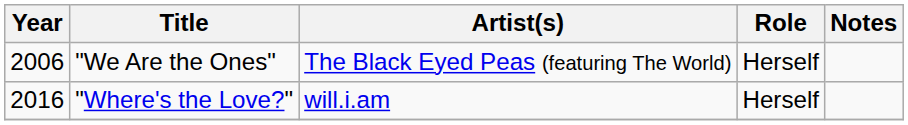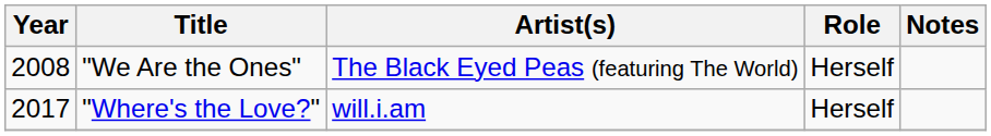 <table class="wikitable sortable">
 <tr>
 <th>Year</th>
 <th>Title</th>
 <th>Artist(s)</th>
 <th>Role</th>
 <th class="unsortable">Notes</th>
 </tr>
 <tr>
-<td>2006</td>
+<td>2008</td>
 <td>"We Are the Ones"</td>
 <td><a href='#'>The Black Eyed Peas</a> <small>(featuring The World)</small></td>
 <td>Herself</td>
 <td></td>
 </tr>
 <tr>
-<td>2016</td>
+<td>2017</td>
 <td>"<a href='#'>Where's the Love?</a>"</td>
 <td><a href='#'>will.i.am</a></td>
 <td>Herself</td>
 <td></td>
 </tr>
 <tr>
 </tr>
 </table>
